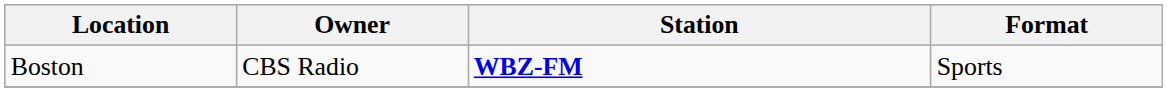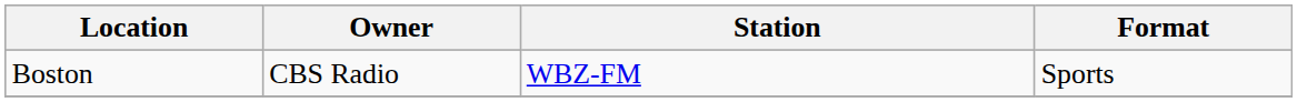 <table class="wikitable" style="width:45em;">
 <tr>
 <th style="width:20%">Location</th>
 <th style="width:20%">Owner</th>
 <th style="width:40%">Station</th>
 <th style="width:40%">Format</th>
 </tr>
 <tr>
 <td>Boston</td>
 <td>CBS Radio</td>
-<td><strong><a href='#'>WBZ-FM</a></strong></td>
+<td><a href='#'>WBZ-FM</a></td>
 <td>Sports</td>
 </tr>
 <tr>
 </tr>
 </table>
